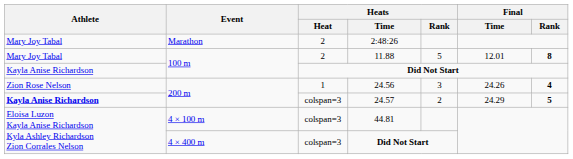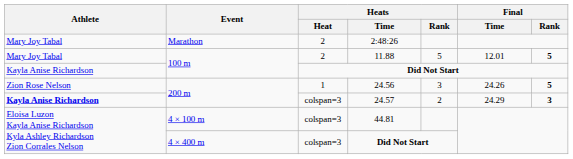 <table class="wikitable" width="72%" style="text-align:center; font-size:90%">
 <tr>
 <th rowspan="2" width="22%">Athlete</th>
 <th rowspan="2" width="18%">Event</th>
 <th colspan="3" width="20%">Heats</th>
 <th colspan="2" width="15%">Final</th>
 </tr>
 <tr>
 <th width="5%">Heat</th>
 <th width="10%">Time</th>
 <th>Rank</th>
 <th width="10%">Time</th>
 <th>Rank</th>
 </tr>
 <tr>
 <td align=left><a href='#'>Mary Joy Tabal</a></td>
 <td align=left><a href='#'>Marathon</a></td>
 <td>2</td>
 <td>2:48:26</td>
 <td></td>
 </tr>
 <tr>
 <td align=left><a href='#'>Mary Joy Tabal</a></td>
 <td align=left rowspan=2><a href='#'>100 m</a></td>
 <td>2</td>
 <td>11.88</td>
 <td>5 <strong></strong></td>
 <td>12.01</td>
-<td><strong>8</strong></td>
+<td><strong>5</strong></td>
 </tr>
 <tr>
 <td align=left><a href='#'>Kayla Anise Richardson</a></td>
 <td colspan=5><strong>Did Not Start</strong></td>
 </tr>
 <tr>
 <td align=left><a href='#'>Zion Rose Nelson</a></td>
 <td align=left rowspan=2><a href='#'>200 m</a></td>
 <td>1</td>
 <td>24.56</td>
 <td>3 <strong></strong></td>
 <td>24.26</td>
-<td><strong>4</strong></td>
+<td><strong>5</strong></td>
 </tr>
 <tr>
 <td align=left><strong><a href='#'>Kayla Anise Richardson</a></strong></td>
 <td>colspan=3 </td>
 <td>24.57</td>
 <td>2 <strong></strong></td>
 <td>24.29</td>
-<td><strong>5</strong></td>
+<td><strong>3</strong></td>
 </tr>
 <tr>
 <td align=left rowspan=2><a href='#'>Eloisa Luzon</a><br><a href='#'>Kayla Anise Richardson</a><br><a href='#'>Kyla Ashley Richardson</a><br><a href='#'>Zion Corrales Nelson</a></td>
 <td align=left><a href='#'>4 × 100 m</a></td>
 <td>colspan=3 </td>
 <td>44.81</td>
 <td></td>
 </tr>
 <tr>
 <td align=left><a href='#'>4 × 400 m</a></td>
 <td>colspan=3 </td>
 <td colspan=2><strong>Did Not Start</strong></td>
 </tr>
 </table>
